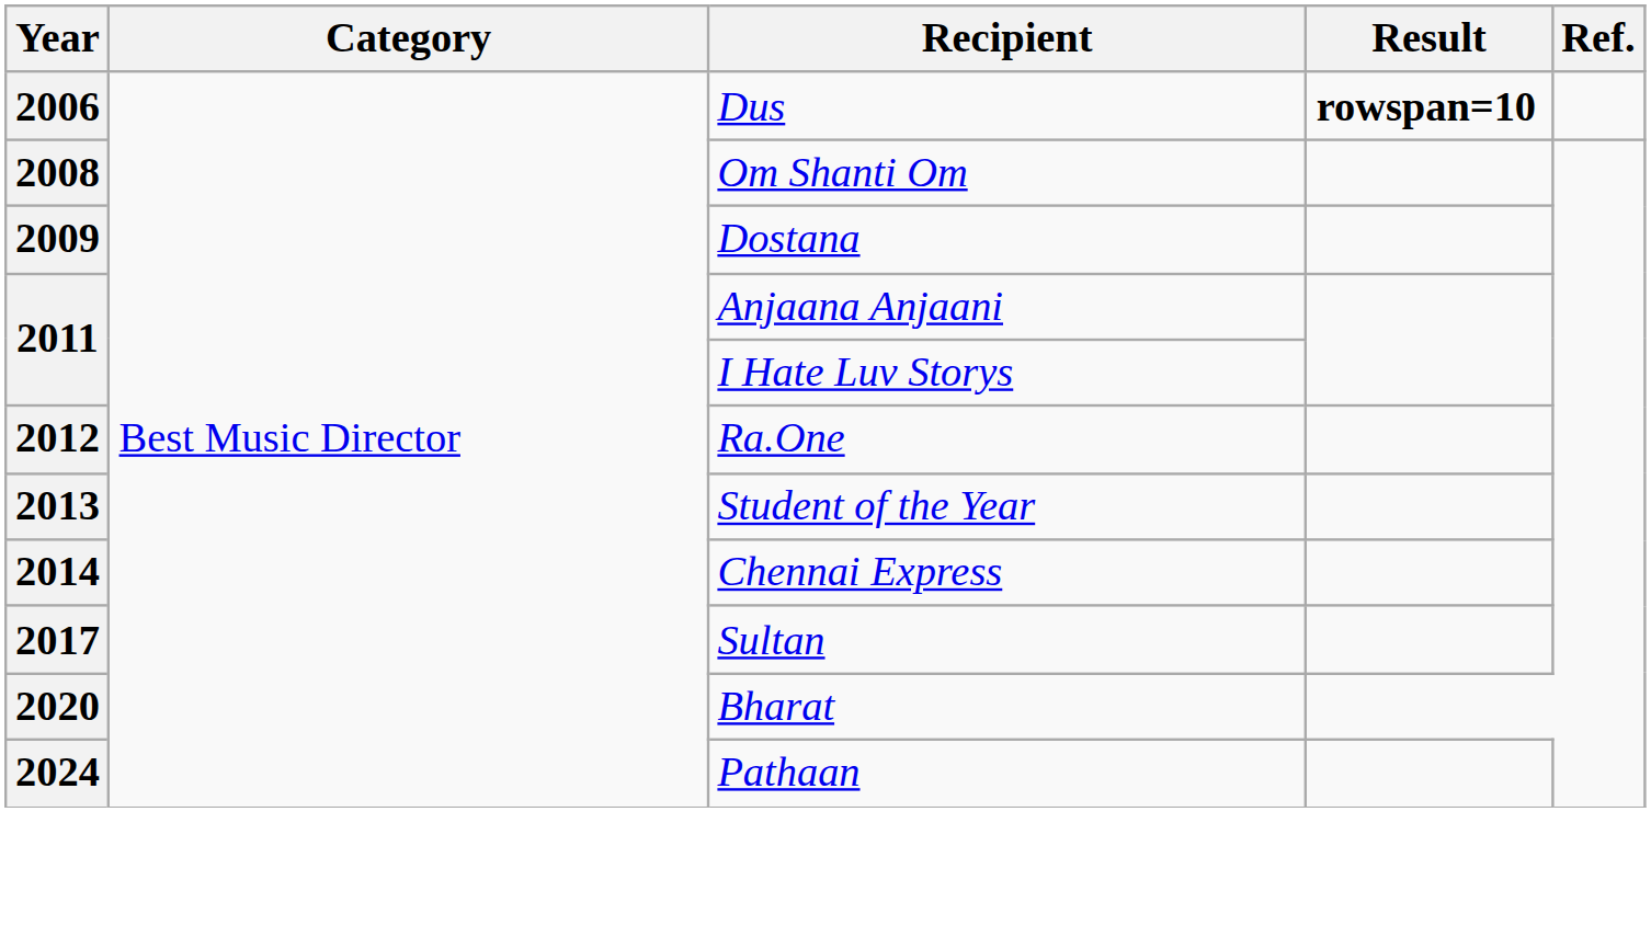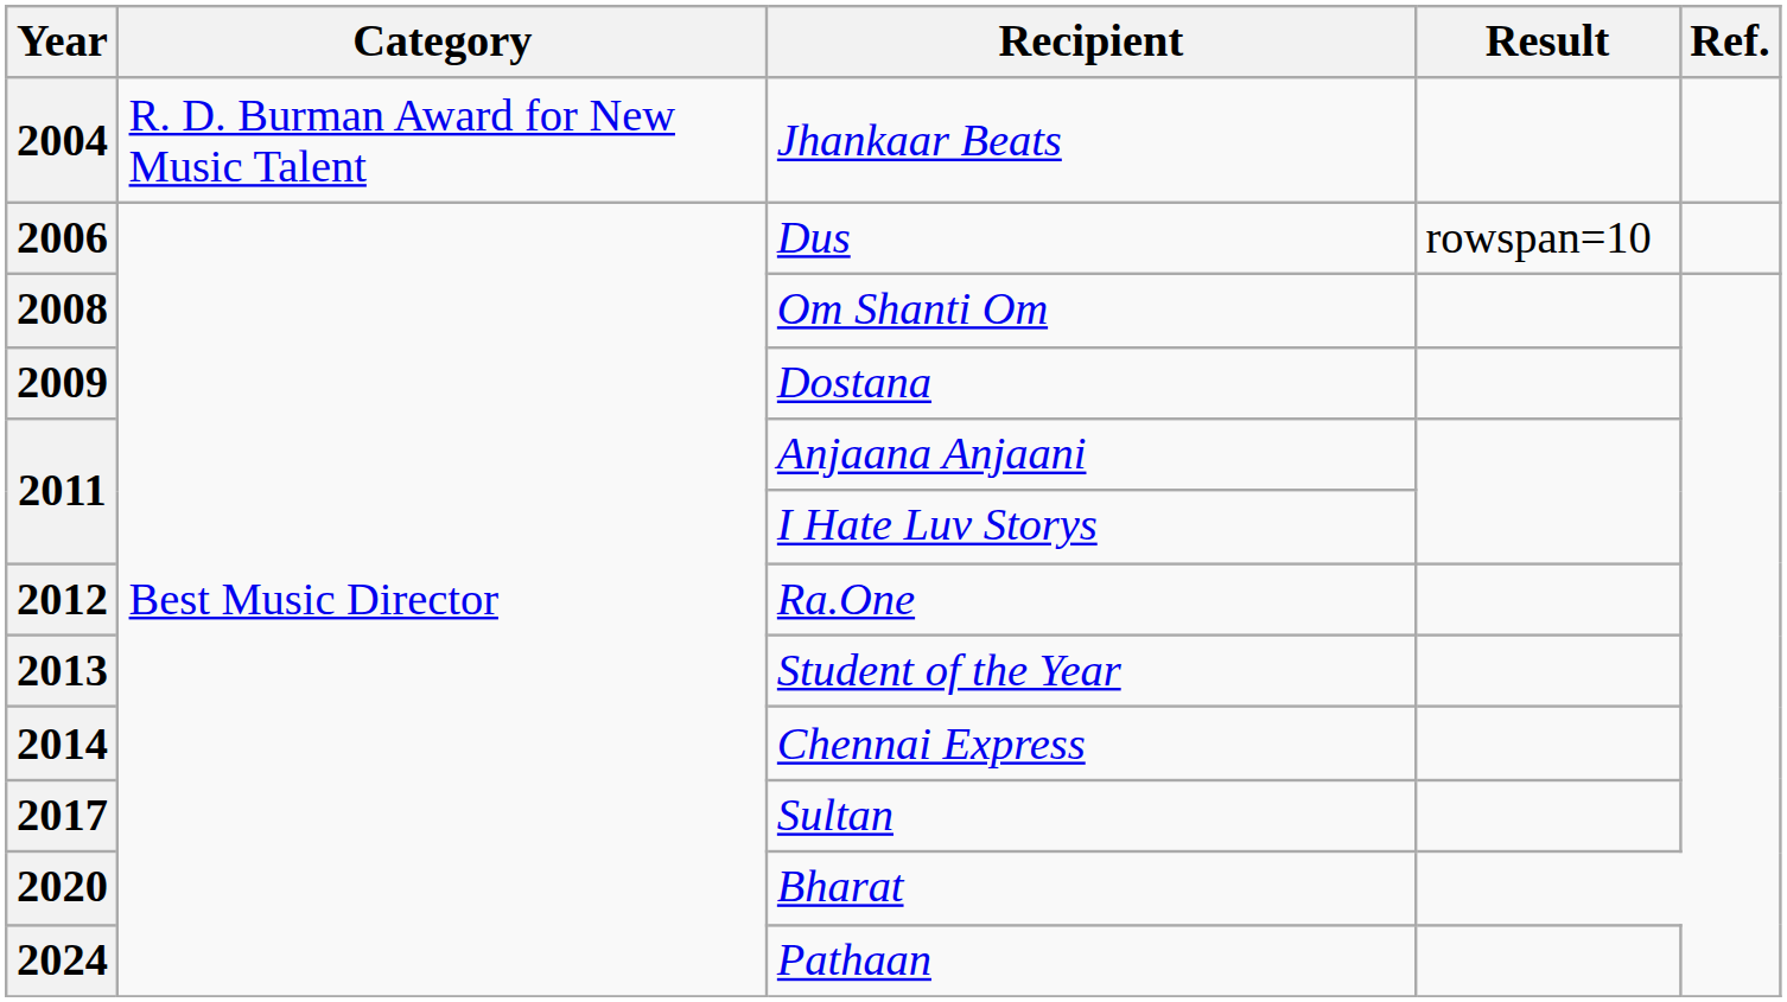 <table class="wikitable plainrowheaders" width="100%" "textcolor:#000;">
 <tr>
 <th scope="col" width=5%><strong>Year</strong></th>
 <th scope="col" width=39%><strong>Category</strong></th>
 <th scope="col" width=39%><strong>Recipient</strong></th>
 <th scope="col" width=15%><strong>Result</strong></th>
 <th scope="col" width=2%><strong>Ref.</strong></th>
 </tr>
 <tr>
+<th scope="row">2004</th>
+<td><a href='#'>R. D. Burman Award for New Music Talent</a></td>
+<td><em><a href='#'>Jhankaar Beats</a></em></td>
+<td></td>
+<td></td>
+</tr>
+<tr>
 <th scope="row">2006</th>
 <td rowspan=11><a href='#'>Best Music Director</a></td>
 <td><em><a href='#'>Dus</a></em></td>
-<td><strong>rowspan=10 </strong></td>
+<td>rowspan=10 </td>
 <td></td>
 </tr>
 <tr>
 <th scope="row">2008</th>
 <td><em><a href='#'>Om Shanti Om</a></em></td>
 <td></td>
 </tr>
 <tr>
 <th scope="row">2009</th>
 <td><a href='#'><em>Dostana</em></a></td>
 <td></td>
 </tr>
 <tr>
 <th scope="row" rowspan="2">2011</th>
 <td><em><a href='#'>Anjaana Anjaani</a></em></td>
 <td rowspan=2></td>
 </tr>
 <tr>
 <td><em><a href='#'>I Hate Luv Storys</a></em></td>
 </tr>
 <tr>
 <th scope="row">2012</th>
 <td><a href='#'><em>Ra.One</em></a></td>
 <td></td>
 </tr>
 <tr>
 <th scope="row">2013</th>
 <td><em><a href='#'>Student of the Year</a></em></td>
 <td></td>
 </tr>
 <tr>
 <th scope="row">2014</th>
 <td><em><a href='#'>Chennai Express</a></em></td>
 <td></td>
 </tr>
 <tr>
 <th scope="row">2017</th>
 <td><em><a href='#'>Sultan</a></em></td>
 <td></td>
 </tr>
 <tr>
 <th scope="row">2020</th>
 <td><em><a href='#'>Bharat</a></em></td>
 </tr>
 <tr>
 <th scope="row">2024</th>
 <td><em><a href='#'>Pathaan</a></em></td>
 <td></td>
 </tr>
 </table>
